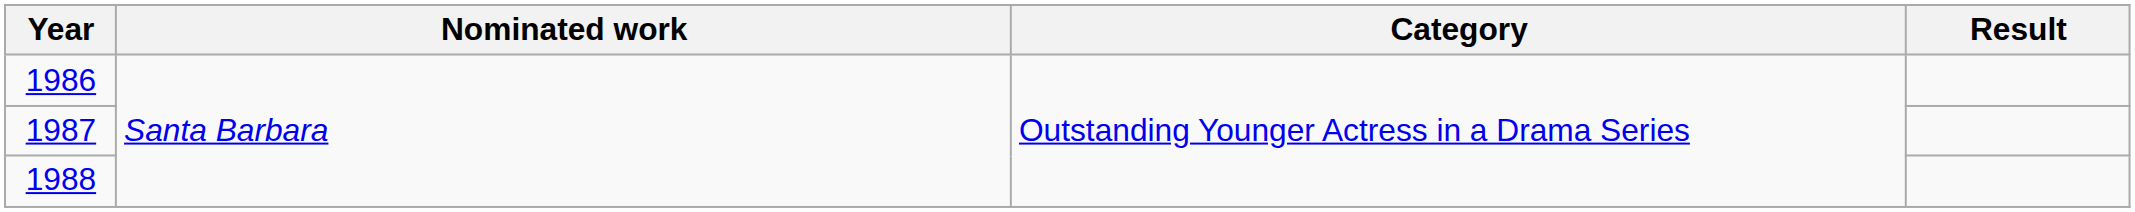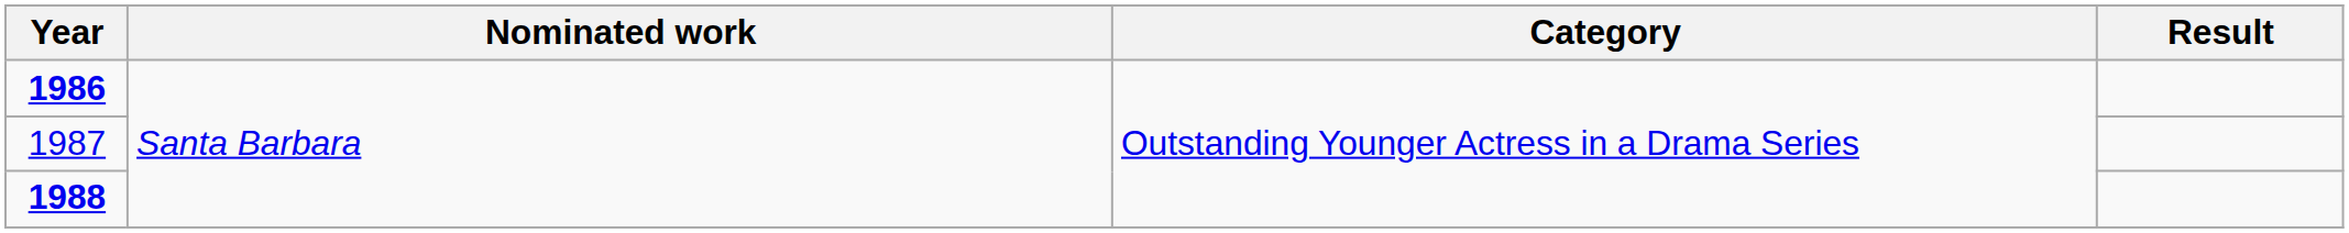 <table class="wikitable" width=85%>
 <tr>
 <th width=5%>Year</th>
 <th width=40%>Nominated work</th>
 <th width=40%>Category</th>
 <th width=10%>Result</th>
 </tr>
 <tr>
-<td style="text-align:center;"><a href='#'>1986</a></td>
+<td style="text-align:center;"><strong><a href='#'>1986</a></strong></td>
 <td rowspan="3"><em><a href='#'>Santa Barbara</a></em></td>
 <td rowspan="3"><a href='#'>Outstanding Younger Actress in a Drama Series</a></td>
 <td></td>
 </tr>
 <tr>
 <td style="text-align:center;"><a href='#'>1987</a></td>
 <td></td>
 </tr>
 <tr>
-<td style="text-align:center;"><a href='#'>1988</a></td>
+<td style="text-align:center;"><strong><a href='#'>1988</a></strong></td>
 <td></td>
 </tr>
 </table>
